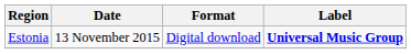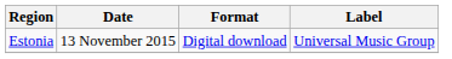 <table class=wikitable>
 <tr>
 <th>Region</th>
 <th>Date</th>
 <th>Format</th>
 <th>Label</th>
 </tr>
 <tr>
 <td><a href='#'>Estonia</a></td>
 <td>13 November 2015</td>
 <td><a href='#'>Digital download</a></td>
-<td><strong><a href='#'>Universal Music Group</a></strong></td>
+<td><a href='#'>Universal Music Group</a></td>
 </tr>
 <tr>
 </tr>
 </table>
